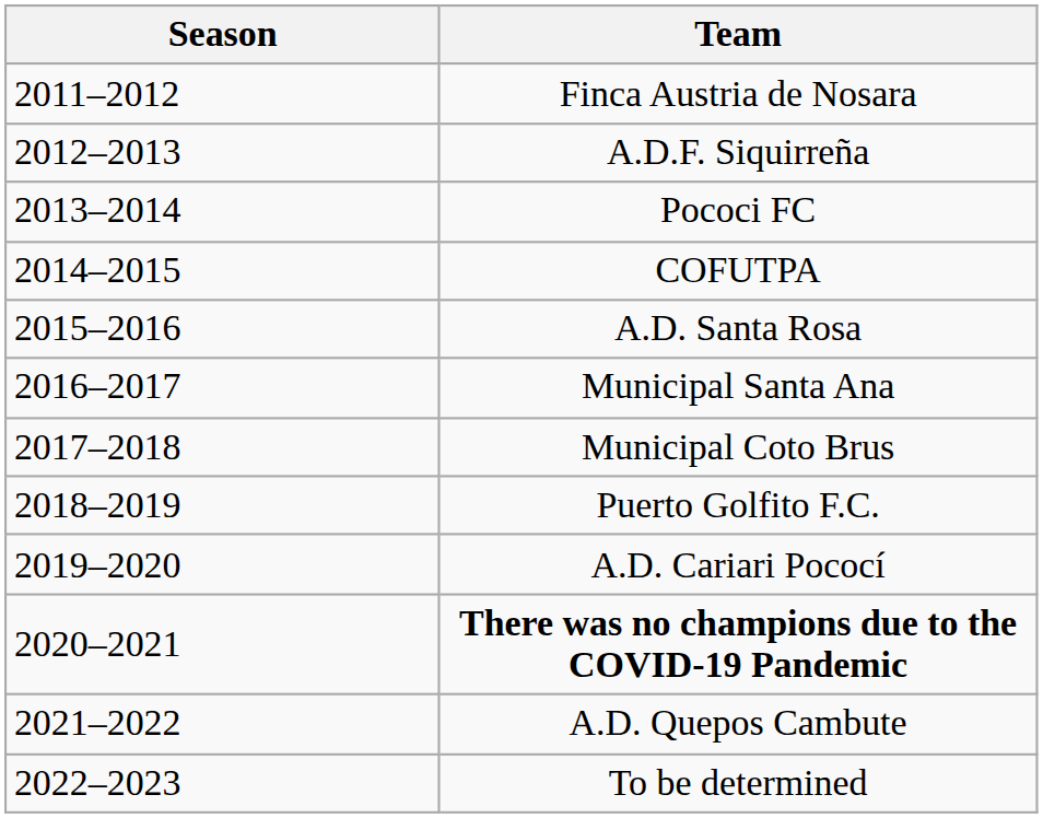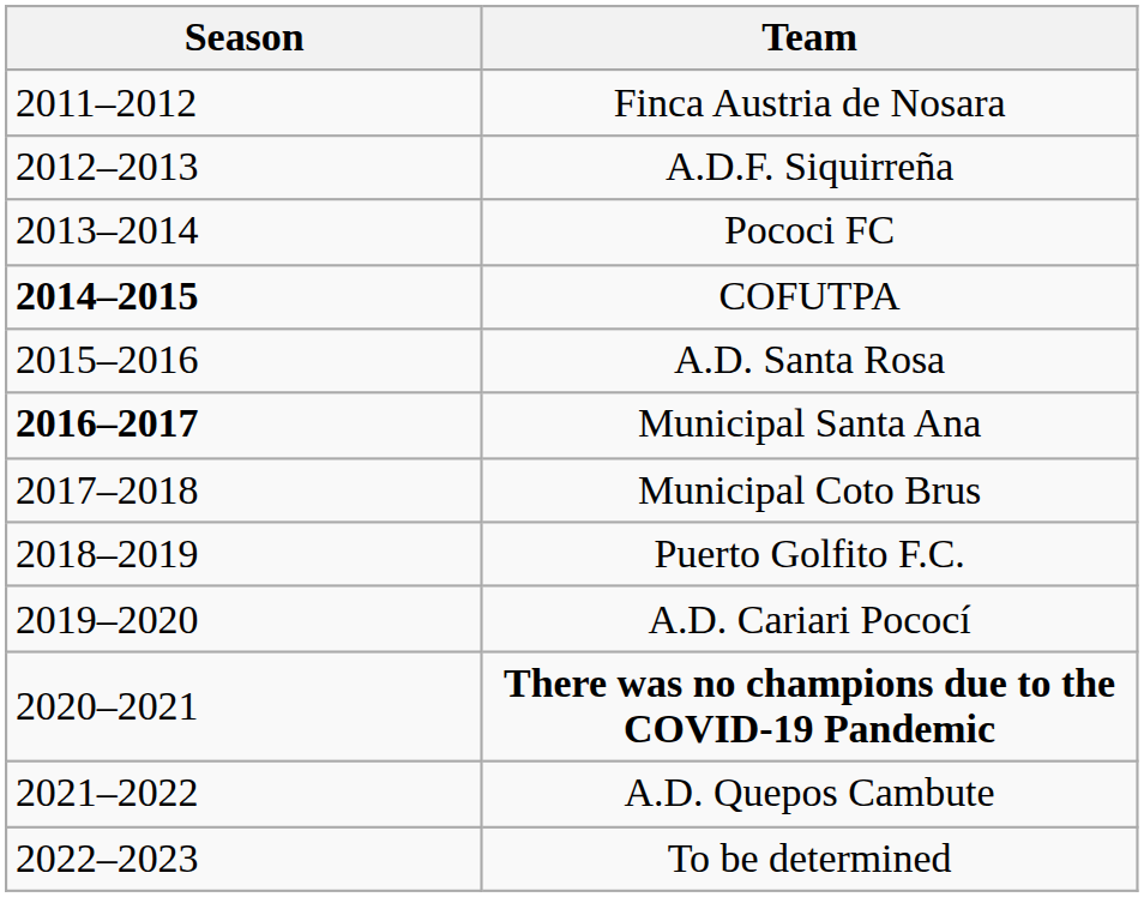 <table class="wikitable">
 <tr>
 <th width=180>Season</th>
 <th width=250>Team</th>
 </tr>
 <tr>
 <td>2011–2012</td>
 <td align=center>Finca Austria de Nosara</td>
 </tr>
 <tr>
 <td>2012–2013</td>
 <td align=center>A.D.F. Siquirreña</td>
 </tr>
 <tr>
 <td>2013–2014</td>
 <td align=center>Pococi FC</td>
 </tr>
 <tr>
-<td>2014–2015</td>
+<td><strong>2014–2015</strong></td>
 <td align=center>COFUTPA</td>
 </tr>
 <tr>
 <td>2015–2016</td>
 <td align=center>A.D. Santa Rosa</td>
 </tr>
 <tr>
-<td>2016–2017</td>
+<td><strong>2016–2017</strong></td>
 <td align=center>Municipal Santa Ana</td>
 </tr>
 <tr>
 <td>2017–2018</td>
 <td align=center>Municipal Coto Brus</td>
 </tr>
 <tr>
 <td>2018–2019</td>
 <td align=center>Puerto Golfito F.C.</td>
 </tr>
 <tr>
 <td>2019–2020</td>
 <td align=center>A.D.  Cariari Pococí</td>
 </tr>
 <tr>
 <td>2020–2021</td>
 <td align=center><strong>There was no champions due to the COVID-19 Pandemic</strong></td>
 </tr>
 <tr>
 <td>2021–2022</td>
 <td align=center>A.D. Quepos Cambute</td>
 </tr>
 <tr>
 <td>2022–2023</td>
 <td align=center>To be determined</td>
 </tr>
 </table>
